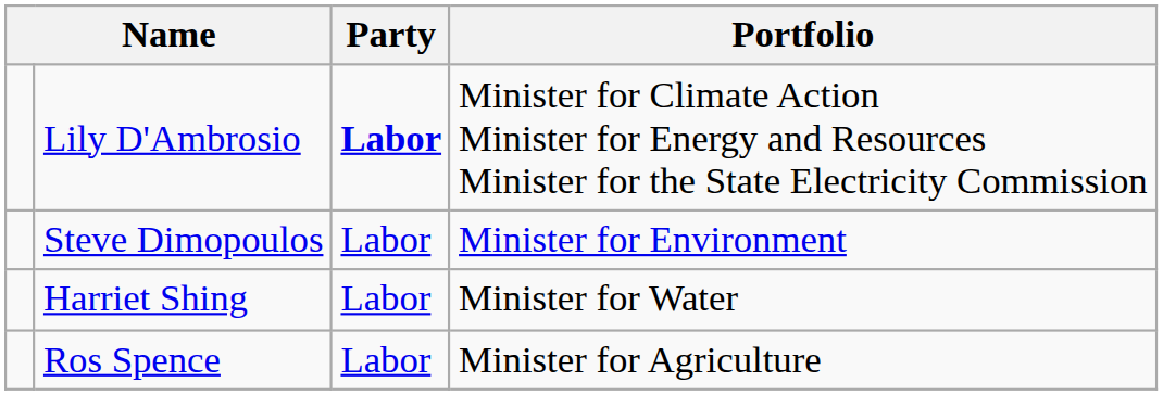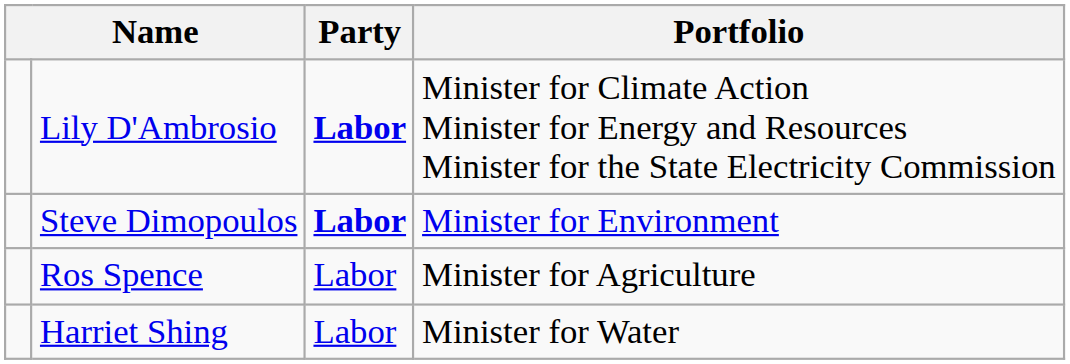 <table class="wikitable">
 <tr>
 <th colspan="2">Name</th>
 <th>Party</th>
 <th>Portfolio</th>
 </tr>
 <tr>
 <td width=5px style="color:inherit;background:"></td>
 <td><a href='#'>Lily D'Ambrosio</a></td>
 <td><strong><a href='#'>Labor</a></strong></td>
 <td>Minister for Climate Action<br>Minister for Energy and Resources<br>Minister for the State Electricity Commission</td>
 </tr>
 <tr>
 <td width=5px style="color:inherit;background:"></td>
 <td><a href='#'>Steve Dimopoulos</a></td>
+<td><strong><a href='#'>Labor</a></strong></td>
+<td><a href='#'>Minister for Environment</a></td>
+</tr>
+<tr>
+<td width=5px style="color:inherit;background:"></td>
+<td><a href='#'>Ros Spence</a></td>
 <td><a href='#'>Labor</a></td>
-<td><a href='#'>Minister for Environment</a></td>
+<td>Minister for Agriculture</td>
 </tr>
 <tr>
 <td width=5px style="color:inherit;background:"></td>
 <td><a href='#'>Harriet Shing</a></td>
 <td><a href='#'>Labor</a></td>
 <td>Minister for Water</td>
 </tr>
-<tr>
-<td width=5px style="color:inherit;background:"></td>
-<td><a href='#'>Ros Spence</a></td>
-<td><a href='#'>Labor</a></td>
-<td>Minister for Agriculture</td>
-</tr>
 </table>
